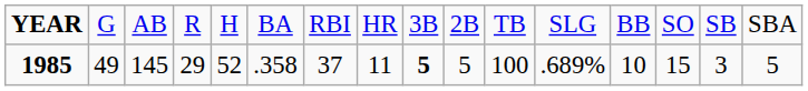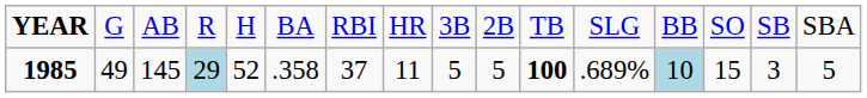 <table class="wikitable">
 <tr align=center>
 <td><strong>YEAR</strong></td>
 <td><a href='#'>G</a></td>
 <td><a href='#'>AB</a></td>
 <td><a href='#'>R</a></td>
 <td><a href='#'>H</a></td>
 <td><a href='#'>BA</a></td>
 <td><a href='#'>RBI</a></td>
 <td><a href='#'>HR</a></td>
 <td><a href='#'>3B</a></td>
 <td><a href='#'>2B</a></td>
 <td><a href='#'>TB</a></td>
 <td><a href='#'>SLG</a></td>
 <td><a href='#'>BB</a></td>
 <td><a href='#'>SO</a></td>
 <td><a href='#'>SB</a></td>
 <td>SBA</td>
 </tr>
 <tr align=center>
 <td><strong>1985</strong></td>
 <td>49</td>
 <td>145</td>
-<td>29</td>
+<td style="background: lightblue;">29</td>
 <td>52</td>
 <td>.358</td>
 <td>37</td>
 <td>11</td>
-<td><strong>5</strong></td>
 <td>5</td>
-<td>100</td>
+<td>5</td>
+<td><strong>100</strong></td>
 <td>.689%</td>
-<td>10</td>
+<td style="background: lightblue;">10</td>
 <td>15</td>
 <td>3</td>
 <td>5</td>
 </tr>
 </table>
